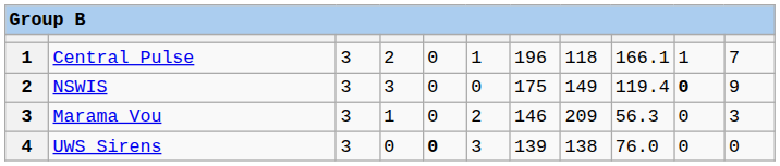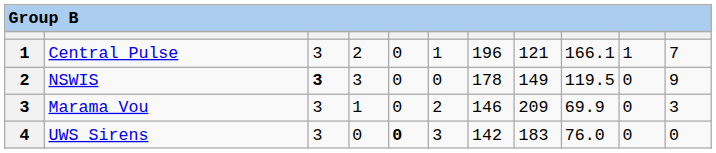 <table class="wikitable collapsible">
 <tr>
 <td colspan=11 style="background-color:#ABCDEF"><strong>Group B</strong></td>
 </tr>
 <tr>
 </tr>
 <tr>
 <th width="25"></th>
 <th width="200"></th>
 <th width="25"></th>
 <th width="25"></th>
 <th width="25"></th>
 <th width="25"></th>
 <th width="30"></th>
 <th width="30"></th>
 <th width="30"></th>
 <th width="30"></th>
 <th width="30"></th>
 </tr>
 <tr style="background:#">
 <th>1</th>
 <td style="text-align:left;"> <a href='#'>Central Pulse</a></td>
 <td>3</td>
 <td>2</td>
 <td>0</td>
 <td>1</td>
 <td>196</td>
-<td>118</td>
+<td>121</td>
 <td>166.1</td>
 <td>1</td>
 <td>7</td>
 </tr>
 <tr style="background:#">
 <th>2</th>
 <td style="text-align:left;"> <a href='#'>NSWIS</a></td>
-<td>3</td>
+<td><strong>3</strong></td>
 <td>3</td>
 <td>0</td>
 <td>0</td>
-<td>175</td>
+<td>178</td>
 <td>149</td>
-<td>119.4</td>
-<td><strong>0</strong></td>
+<td>119.5</td>
+<td>0</td>
 <td>9</td>
 </tr>
 <tr style="background:#">
 <th>3</th>
 <td style="text-align:left;"> <a href='#'>Marama Vou</a></td>
 <td>3</td>
 <td>1</td>
 <td>0</td>
 <td>2</td>
 <td>146</td>
 <td>209</td>
-<td>56.3</td>
+<td>69.9</td>
 <td>0</td>
 <td>3</td>
 </tr>
 <tr style="background:#">
 <th>4</th>
 <td style="text-align:left;"> <a href='#'>UWS Sirens</a></td>
 <td>3</td>
 <td>0</td>
 <td><strong>0</strong></td>
 <td>3</td>
-<td>139</td>
-<td>138</td>
+<td>142</td>
+<td>183</td>
 <td>76.0</td>
 <td>0</td>
 <td>0</td>
 </tr>
 </table>
